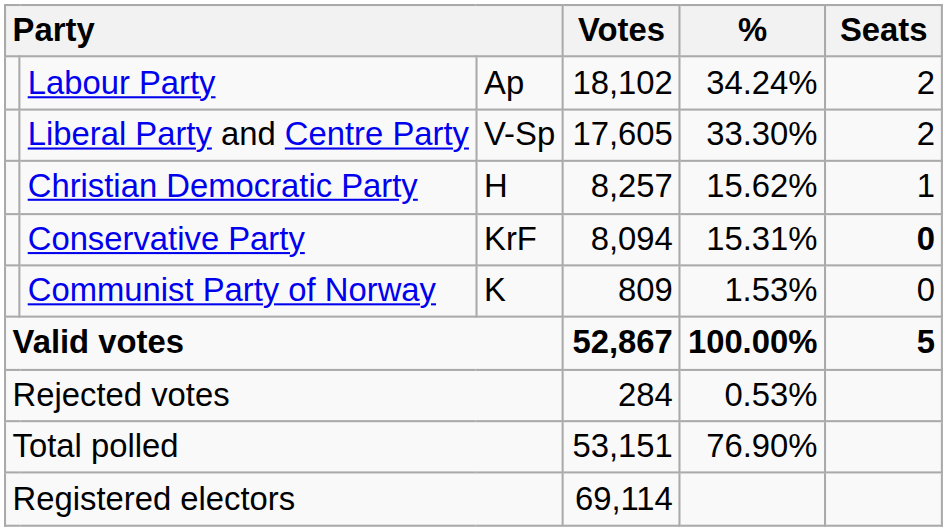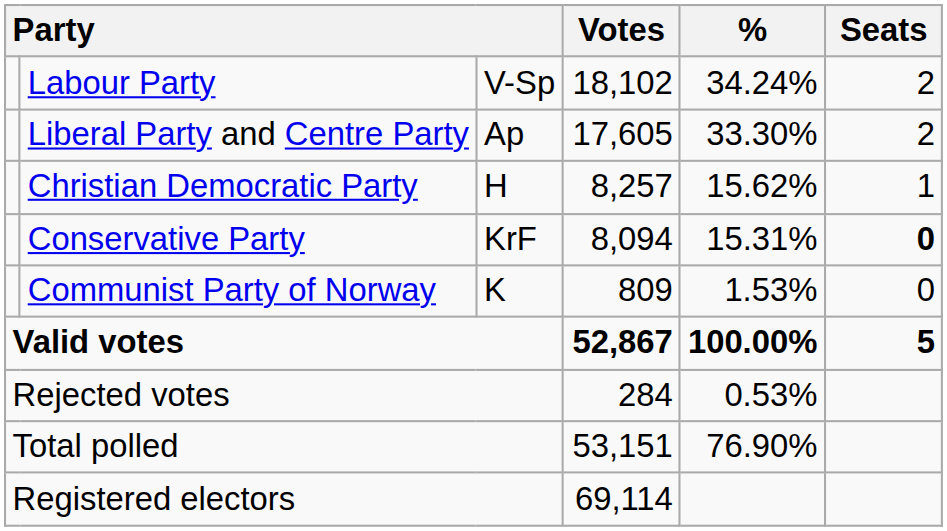 <table class="wikitable" border="1" style="text-align:right;">
 <tr>
 <th style="text-align:left;" colspan=3>Party</th>
 <th align=center width="50">Votes</th>
 <th align=center width="50">%</th>
 <th align=center width="50">Seats</th>
 </tr>
 <tr>
 <td style="color:inherit;background:"></td>
 <td align=left><a href='#'>Labour Party</a></td>
-<td align=left>Ap</td>
+<td align=left>V-Sp</td>
 <td>18,102</td>
 <td>34.24%</td>
 <td>2</td>
 </tr>
 <tr>
 <td></td>
 <td align=left><a href='#'>Liberal Party</a> and <a href='#'>Centre Party</a></td>
-<td align=left>V-Sp</td>
+<td align=left>Ap</td>
 <td>17,605</td>
 <td>33.30%</td>
 <td>2</td>
 </tr>
 <tr>
 <td style="color:inherit;background:"></td>
 <td align=left><a href='#'>Christian Democratic Party</a></td>
 <td align=left>H</td>
 <td>8,257</td>
 <td>15.62%</td>
 <td>1</td>
 </tr>
 <tr>
 <td style="color:inherit;background:"></td>
 <td align=left><a href='#'>Conservative Party</a></td>
 <td align=left>KrF</td>
 <td>8,094</td>
 <td>15.31%</td>
 <td><strong>0</strong></td>
 </tr>
 <tr>
 <td style="color:inherit;background:"></td>
 <td align=left><a href='#'>Communist Party of Norway</a></td>
 <td align=left>K</td>
 <td>809</td>
 <td>1.53%</td>
 <td>0</td>
 </tr>
 <tr style="font-weight:bold">
 <td align=left colspan=3>Valid votes</td>
 <td>52,867</td>
 <td>100.00%</td>
 <td>5</td>
 </tr>
 <tr>
 <td align=left colspan=3>Rejected votes</td>
 <td>284</td>
 <td>0.53%</td>
 <td></td>
 </tr>
 <tr>
 <td align=left colspan=3>Total polled</td>
 <td>53,151</td>
 <td>76.90%</td>
 <td></td>
 </tr>
 <tr>
 <td align=left colspan=3>Registered electors</td>
 <td>69,114</td>
 <td></td>
 <td></td>
 </tr>
 </table>
